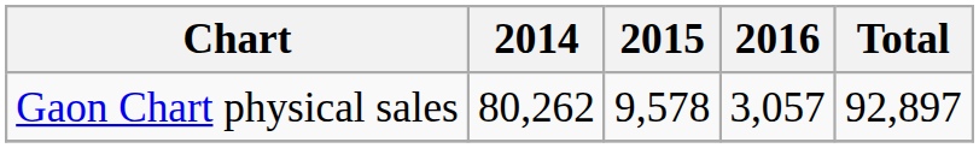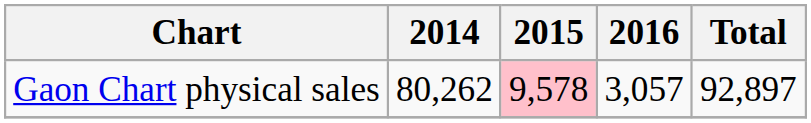 <table class="wikitable">
 <tr>
 <th>Chart</th>
 <th>2014</th>
 <th>2015</th>
 <th>2016</th>
 <th>Total</th>
 </tr>
 <tr>
 <td><a href='#'>Gaon Chart</a> physical sales</td>
 <td style="text-align:center;">80,262</td>
-<td style="text-align:center;">9,578</td>
+<td style="background: pink; text-align:center;">9,578</td>
 <td style="text-align:center;">3,057</td>
 <td style="text-align:center;">92,897</td>
 </tr>
 <tr>
 </tr>
 </table>
